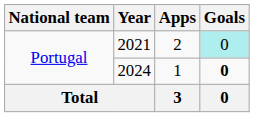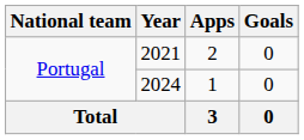 <table class=wikitable style="text-align: center">
 <tr>
 <th>National team</th>
 <th>Year</th>
 <th>Apps</th>
 <th>Goals</th>
 </tr>
 <tr>
 <td rowspan="2"><a href='#'>Portugal</a></td>
 <td>2021</td>
 <td>2</td>
-<td style="background: paleturquoise;">0</td>
+<td>0</td>
 </tr>
 <tr>
 <td>2024</td>
 <td>1</td>
-<td><strong>0</strong></td>
+<td>0</td>
 </tr>
 <tr>
 <th colspan="2">Total</th>
 <th>3</th>
 <th>0</th>
 </tr>
 </table>
